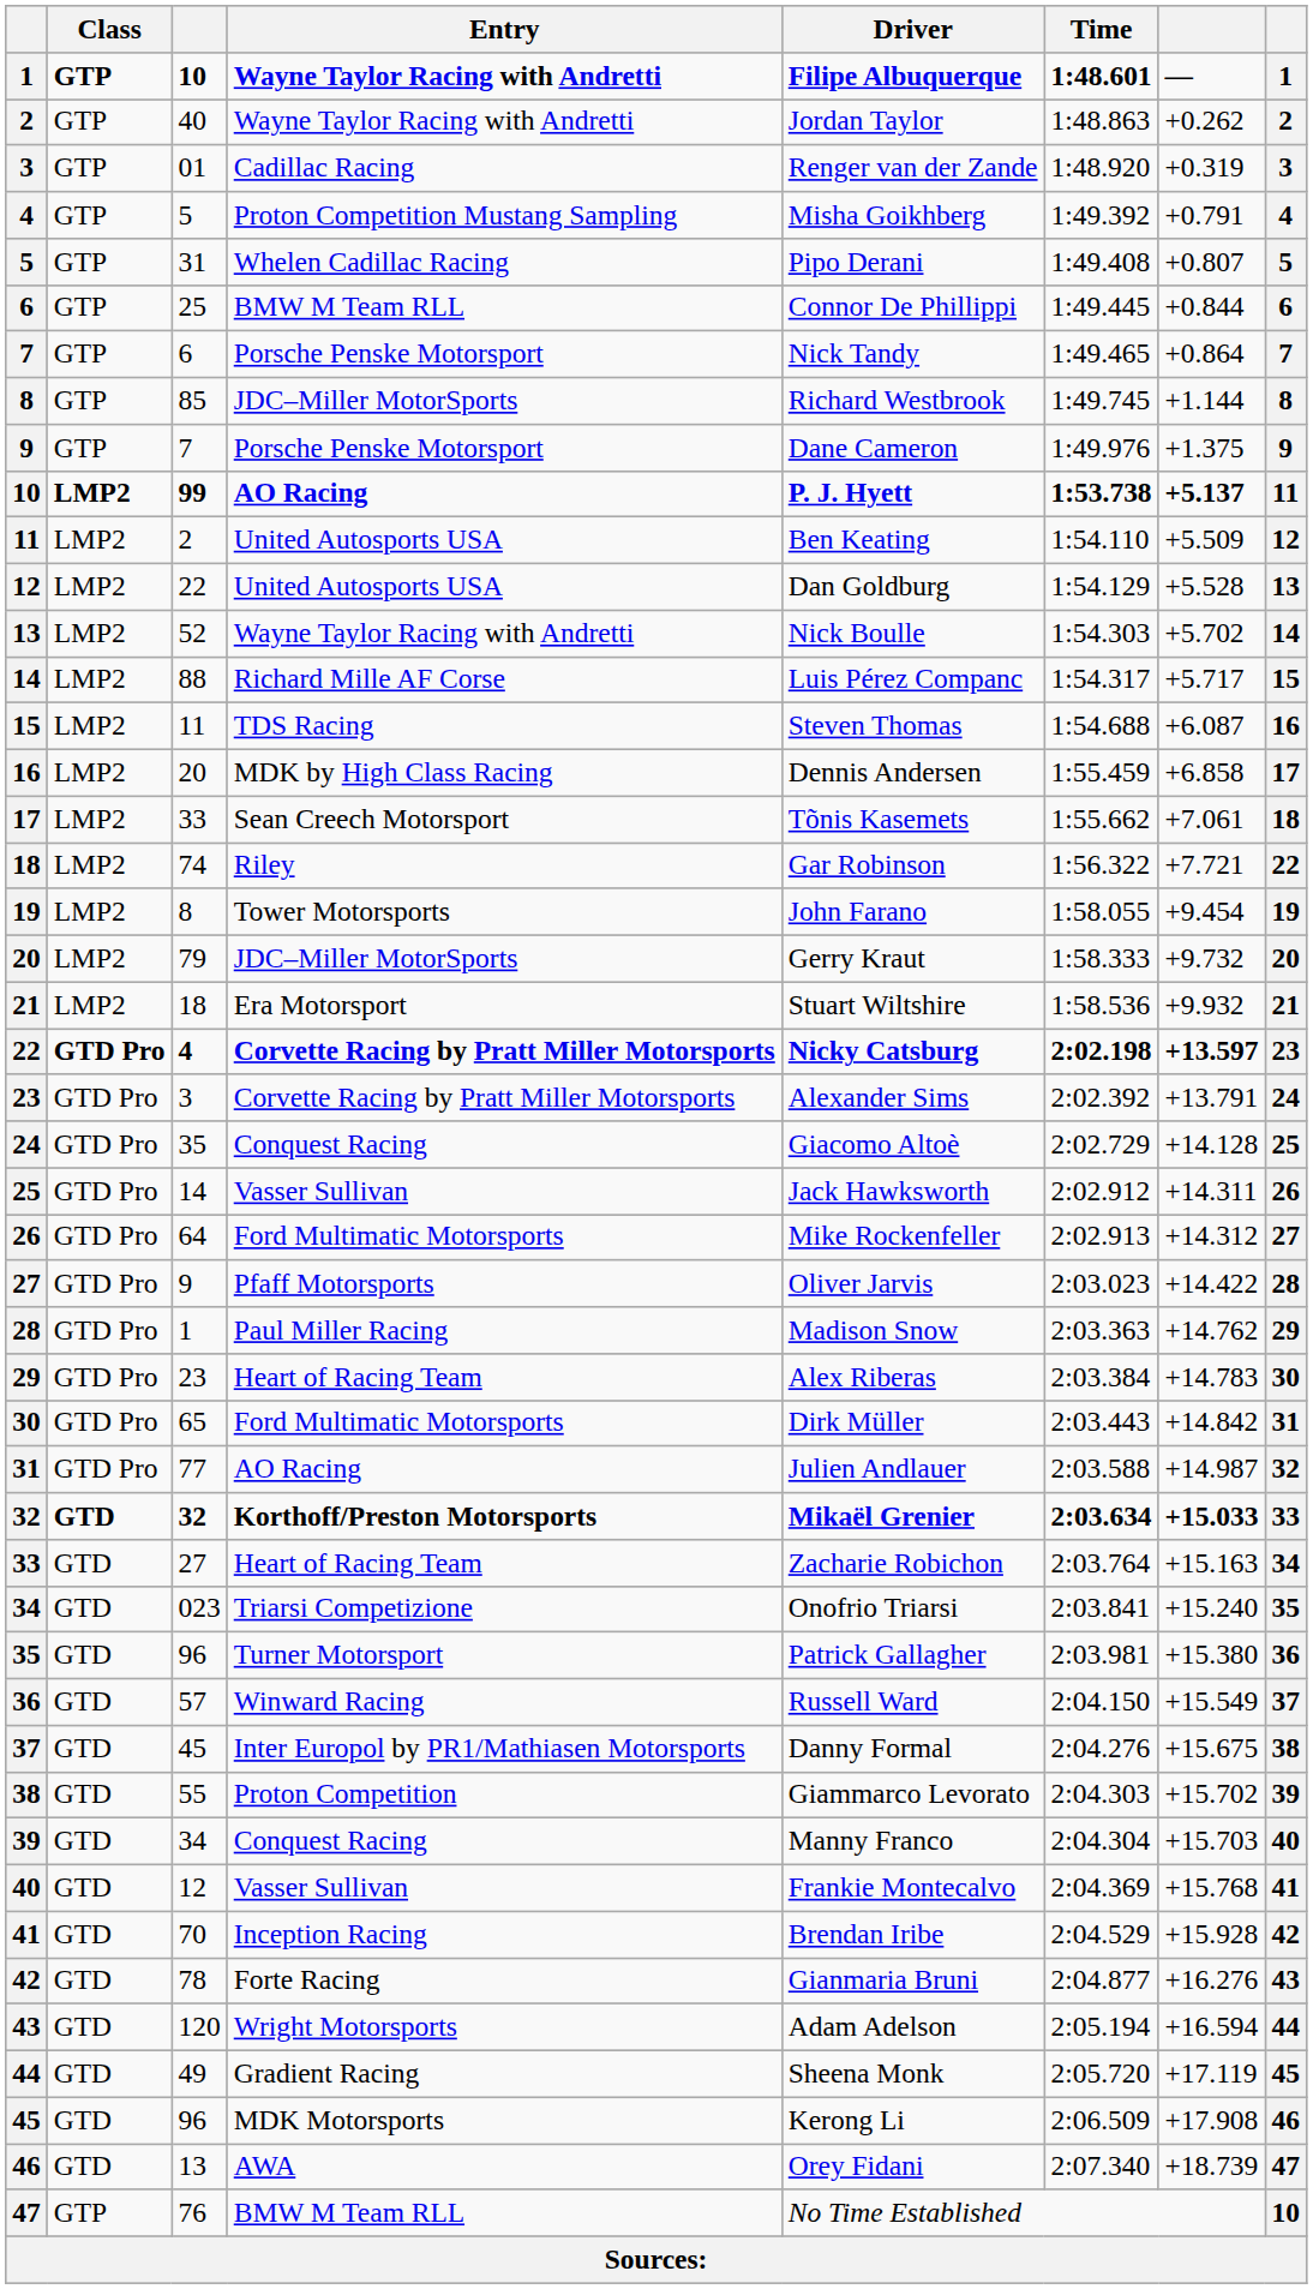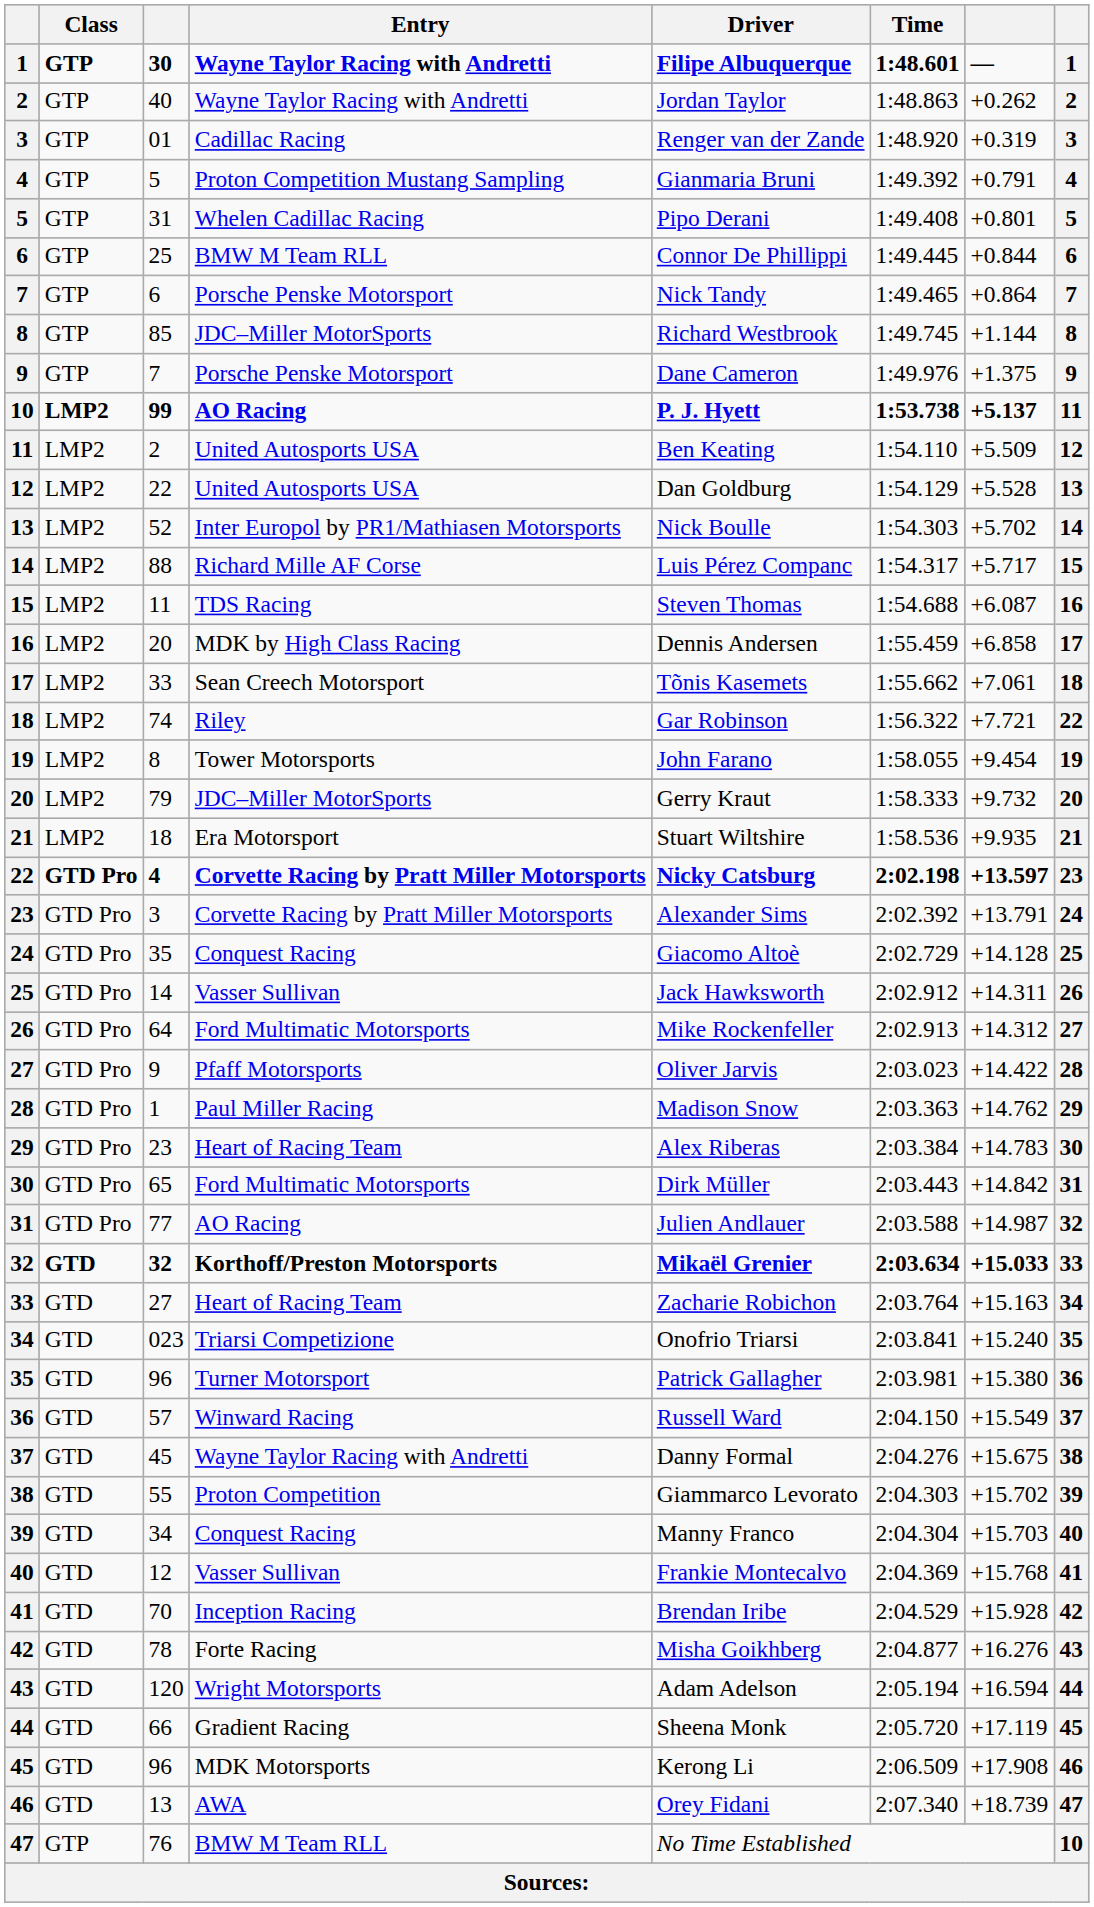 <table class="wikitable" style="font-size:90%;">
 <tr>
 <th></th>
 <th>Class</th>
 <th></th>
 <th>Entry</th>
 <th>Driver</th>
 <th>Time</th>
 <th></th>
 <th></th>
 </tr>
 <tr style="font-weight:bold">
 <th>1</th>
 <td>GTP</td>
-<td>10</td>
+<td>30</td>
 <td> <a href='#'>Wayne Taylor Racing</a> with <a href='#'>Andretti</a></td>
 <td> <a href='#'>Filipe Albuquerque</a></td>
 <td>1:48.601</td>
 <td>—</td>
 <th>1</th>
 </tr>
 <tr>
 <th>2</th>
 <td>GTP</td>
 <td>40</td>
 <td> <a href='#'>Wayne Taylor Racing</a> with <a href='#'>Andretti</a></td>
 <td> <a href='#'>Jordan Taylor</a></td>
 <td>1:48.863</td>
 <td>+0.262</td>
 <th>2</th>
 </tr>
 <tr>
 <th>3</th>
 <td>GTP</td>
 <td>01</td>
 <td> <a href='#'>Cadillac Racing</a></td>
 <td> <a href='#'>Renger van der Zande</a></td>
 <td>1:48.920</td>
 <td>+0.319</td>
 <th>3</th>
 </tr>
 <tr>
 <th>4</th>
 <td>GTP</td>
 <td>5</td>
 <td> <a href='#'>Proton Competition Mustang Sampling</a></td>
-<td> <a href='#'>Misha Goikhberg</a></td>
+<td> <a href='#'>Gianmaria Bruni</a></td>
 <td>1:49.392</td>
 <td>+0.791</td>
 <th>4</th>
 </tr>
 <tr>
 <th>5</th>
 <td>GTP</td>
 <td>31</td>
 <td> <a href='#'>Whelen Cadillac Racing</a></td>
 <td> <a href='#'>Pipo Derani</a></td>
 <td>1:49.408</td>
-<td>+0.807</td>
+<td>+0.801</td>
 <th>5</th>
 </tr>
 <tr>
 <th>6</th>
 <td>GTP</td>
 <td>25</td>
 <td> <a href='#'>BMW M Team RLL</a></td>
 <td> <a href='#'>Connor De Phillippi</a></td>
 <td>1:49.445</td>
 <td>+0.844</td>
 <th>6</th>
 </tr>
 <tr>
 <th>7</th>
 <td>GTP</td>
 <td>6</td>
 <td> <a href='#'>Porsche Penske Motorsport</a></td>
 <td> <a href='#'>Nick Tandy</a></td>
 <td>1:49.465</td>
 <td>+0.864</td>
 <th>7</th>
 </tr>
 <tr>
 <th>8</th>
 <td>GTP</td>
 <td>85</td>
 <td> <a href='#'>JDC–Miller MotorSports</a></td>
 <td> <a href='#'>Richard Westbrook</a></td>
 <td>1:49.745</td>
 <td>+1.144</td>
 <th>8</th>
 </tr>
 <tr>
 <th>9</th>
 <td>GTP</td>
 <td>7</td>
 <td> <a href='#'>Porsche Penske Motorsport</a></td>
 <td> <a href='#'>Dane Cameron</a></td>
 <td>1:49.976</td>
 <td>+1.375</td>
 <th>9</th>
 </tr>
 <tr style="font-weight:bold">
 <th>10</th>
 <td>LMP2</td>
 <td>99</td>
 <td> <a href='#'>AO Racing</a></td>
 <td> <a href='#'>P. J. Hyett</a></td>
 <td>1:53.738</td>
 <td>+5.137</td>
 <th>11</th>
 </tr>
 <tr>
 <th>11</th>
 <td>LMP2</td>
 <td>2</td>
 <td> <a href='#'>United Autosports USA</a></td>
 <td> <a href='#'>Ben Keating</a></td>
 <td>1:54.110</td>
 <td>+5.509</td>
 <th>12</th>
 </tr>
 <tr>
 <th>12</th>
 <td>LMP2</td>
 <td>22</td>
 <td> <a href='#'>United Autosports USA</a></td>
 <td> Dan Goldburg</td>
 <td>1:54.129</td>
 <td>+5.528</td>
 <th>13</th>
 </tr>
 <tr>
 <th>13</th>
 <td>LMP2</td>
 <td>52</td>
-<td> <a href='#'>Wayne Taylor Racing</a> with <a href='#'>Andretti</a></td>
+<td> <a href='#'>Inter Europol</a> by <a href='#'>PR1/Mathiasen Motorsports</a></td>
 <td> <a href='#'>Nick Boulle</a></td>
 <td>1:54.303</td>
 <td>+5.702</td>
 <th>14</th>
 </tr>
 <tr>
 <th>14</th>
 <td>LMP2</td>
 <td>88</td>
 <td> <a href='#'>Richard Mille AF Corse</a></td>
 <td> <a href='#'>Luis Pérez Companc</a></td>
 <td>1:54.317</td>
 <td>+5.717</td>
 <th>15</th>
 </tr>
 <tr>
 <th>15</th>
 <td>LMP2</td>
 <td>11</td>
 <td> <a href='#'>TDS Racing</a></td>
 <td> <a href='#'>Steven Thomas</a></td>
 <td>1:54.688</td>
 <td>+6.087</td>
 <th>16</th>
 </tr>
 <tr>
 <th>16</th>
 <td>LMP2</td>
 <td>20</td>
 <td> MDK by <a href='#'>High Class Racing</a></td>
 <td> Dennis Andersen</td>
 <td>1:55.459</td>
 <td>+6.858</td>
 <th>17</th>
 </tr>
 <tr>
 <th>17</th>
 <td>LMP2</td>
 <td>33</td>
 <td> Sean Creech Motorsport</td>
 <td> <a href='#'>Tõnis Kasemets</a></td>
 <td>1:55.662</td>
 <td>+7.061</td>
 <th>18</th>
 </tr>
 <tr>
 <th>18</th>
 <td>LMP2</td>
 <td>74</td>
 <td> <a href='#'>Riley</a></td>
 <td> <a href='#'>Gar Robinson</a></td>
 <td>1:56.322</td>
 <td>+7.721</td>
 <th>22</th>
 </tr>
 <tr>
 <th>19</th>
 <td>LMP2</td>
 <td>8</td>
 <td> Tower Motorsports</td>
 <td> <a href='#'>John Farano</a></td>
 <td>1:58.055</td>
 <td>+9.454</td>
 <th>19</th>
 </tr>
 <tr>
 <th>20</th>
 <td>LMP2</td>
 <td>79</td>
 <td> <a href='#'>JDC–Miller MotorSports</a></td>
 <td> Gerry Kraut</td>
 <td>1:58.333</td>
 <td>+9.732</td>
 <th>20</th>
 </tr>
 <tr>
 <th>21</th>
 <td>LMP2</td>
 <td>18</td>
 <td> Era Motorsport</td>
 <td> Stuart Wiltshire</td>
 <td>1:58.536</td>
-<td>+9.932</td>
+<td>+9.935</td>
 <th>21</th>
 </tr>
 <tr style="font-weight:bold">
 <th>22</th>
 <td>GTD Pro</td>
 <td>4</td>
 <td> <a href='#'>Corvette Racing</a> by <a href='#'>Pratt Miller Motorsports</a></td>
 <td> <a href='#'>Nicky Catsburg</a></td>
 <td>2:02.198</td>
 <td>+13.597</td>
 <th>23</th>
 </tr>
 <tr>
 <th>23</th>
 <td>GTD Pro</td>
 <td>3</td>
 <td> <a href='#'>Corvette Racing</a> by <a href='#'>Pratt Miller Motorsports</a></td>
 <td> <a href='#'>Alexander Sims</a></td>
 <td>2:02.392</td>
 <td>+13.791</td>
 <th>24</th>
 </tr>
 <tr>
 <th>24</th>
 <td>GTD Pro</td>
 <td>35</td>
 <td> <a href='#'>Conquest Racing</a></td>
 <td> <a href='#'>Giacomo Altoè</a></td>
 <td>2:02.729</td>
 <td>+14.128</td>
 <th>25</th>
 </tr>
 <tr>
 <th>25</th>
 <td>GTD Pro</td>
 <td>14</td>
 <td> <a href='#'>Vasser Sullivan</a></td>
 <td> <a href='#'>Jack Hawksworth</a></td>
 <td>2:02.912</td>
 <td>+14.311</td>
 <th>26</th>
 </tr>
 <tr>
 <th>26</th>
 <td>GTD Pro</td>
 <td>64</td>
 <td> <a href='#'>Ford Multimatic Motorsports</a></td>
 <td> <a href='#'>Mike Rockenfeller</a></td>
 <td>2:02.913</td>
 <td>+14.312</td>
 <th>27</th>
 </tr>
 <tr>
 <th>27</th>
 <td>GTD Pro</td>
 <td>9</td>
 <td> <a href='#'>Pfaff Motorsports</a></td>
 <td> <a href='#'>Oliver Jarvis</a></td>
 <td>2:03.023</td>
 <td>+14.422</td>
 <th>28</th>
 </tr>
 <tr>
 <th>28</th>
 <td>GTD Pro</td>
 <td>1</td>
 <td> <a href='#'>Paul Miller Racing</a></td>
 <td> <a href='#'>Madison Snow</a></td>
 <td>2:03.363</td>
 <td>+14.762</td>
 <th>29</th>
 </tr>
 <tr>
 <th>29</th>
 <td>GTD Pro</td>
 <td>23</td>
 <td> <a href='#'>Heart of Racing Team</a></td>
 <td> <a href='#'>Alex Riberas</a></td>
 <td>2:03.384</td>
 <td>+14.783</td>
 <th>30</th>
 </tr>
 <tr>
 <th>30</th>
 <td>GTD Pro</td>
 <td>65</td>
 <td> <a href='#'>Ford Multimatic Motorsports</a></td>
 <td> <a href='#'>Dirk Müller</a></td>
 <td>2:03.443</td>
 <td>+14.842</td>
 <th>31</th>
 </tr>
 <tr>
 <th>31</th>
 <td>GTD Pro</td>
 <td>77</td>
 <td> <a href='#'>AO Racing</a></td>
 <td> <a href='#'>Julien Andlauer</a></td>
 <td>2:03.588</td>
 <td>+14.987</td>
 <th>32</th>
 </tr>
 <tr style="font-weight:bold">
 <th>32</th>
 <td>GTD</td>
 <td>32</td>
 <td> Korthoff/Preston Motorsports</td>
 <td> <a href='#'>Mikaël Grenier</a></td>
 <td>2:03.634</td>
 <td>+15.033</td>
 <th>33</th>
 </tr>
 <tr>
 <th>33</th>
 <td>GTD</td>
 <td>27</td>
 <td> <a href='#'>Heart of Racing Team</a></td>
 <td> <a href='#'>Zacharie Robichon</a></td>
 <td>2:03.764</td>
 <td>+15.163</td>
 <th>34</th>
 </tr>
 <tr>
 <th>34</th>
 <td>GTD</td>
 <td>023</td>
 <td> <a href='#'>Triarsi Competizione</a></td>
 <td> Onofrio Triarsi</td>
 <td>2:03.841</td>
 <td>+15.240</td>
 <th>35</th>
 </tr>
 <tr>
 <th>35</th>
 <td>GTD</td>
 <td>96</td>
 <td> <a href='#'>Turner Motorsport</a></td>
 <td> <a href='#'>Patrick Gallagher</a></td>
 <td>2:03.981</td>
 <td>+15.380</td>
 <th>36</th>
 </tr>
 <tr>
 <th>36</th>
 <td>GTD</td>
 <td>57</td>
 <td> <a href='#'>Winward Racing</a></td>
 <td> <a href='#'>Russell Ward</a></td>
 <td>2:04.150</td>
 <td>+15.549</td>
 <th>37</th>
 </tr>
 <tr>
 <th>37</th>
 <td>GTD</td>
 <td>45</td>
-<td> <a href='#'>Inter Europol</a> by <a href='#'>PR1/Mathiasen Motorsports</a></td>
+<td> <a href='#'>Wayne Taylor Racing</a> with <a href='#'>Andretti</a></td>
 <td> Danny Formal</td>
 <td>2:04.276</td>
 <td>+15.675</td>
 <th>38</th>
 </tr>
 <tr>
 <th>38</th>
 <td>GTD</td>
 <td>55</td>
 <td> <a href='#'>Proton Competition</a></td>
 <td> Giammarco Levorato</td>
 <td>2:04.303</td>
 <td>+15.702</td>
 <th>39</th>
 </tr>
 <tr>
 <th>39</th>
 <td>GTD</td>
 <td>34</td>
 <td> <a href='#'>Conquest Racing</a></td>
 <td> Manny Franco</td>
 <td>2:04.304</td>
 <td>+15.703</td>
 <th>40</th>
 </tr>
 <tr>
 <th>40</th>
 <td>GTD</td>
 <td>12</td>
 <td> <a href='#'>Vasser Sullivan</a></td>
 <td> <a href='#'>Frankie Montecalvo</a></td>
 <td>2:04.369</td>
 <td>+15.768</td>
 <th>41</th>
 </tr>
 <tr>
 <th>41</th>
 <td>GTD</td>
 <td>70</td>
 <td> <a href='#'>Inception Racing</a></td>
 <td> <a href='#'>Brendan Iribe</a></td>
 <td>2:04.529</td>
 <td>+15.928</td>
 <th>42</th>
 </tr>
 <tr>
 <th>42</th>
 <td>GTD</td>
 <td>78</td>
 <td> Forte Racing</td>
-<td> <a href='#'>Gianmaria Bruni</a></td>
+<td> <a href='#'>Misha Goikhberg</a></td>
 <td>2:04.877</td>
 <td>+16.276</td>
 <th>43</th>
 </tr>
 <tr>
 <th>43</th>
 <td>GTD</td>
 <td>120</td>
 <td> <a href='#'>Wright Motorsports</a></td>
 <td> Adam Adelson</td>
 <td>2:05.194</td>
 <td>+16.594</td>
 <th>44</th>
 </tr>
 <tr>
 <th>44</th>
 <td>GTD</td>
-<td>49</td>
+<td>66</td>
 <td> Gradient Racing</td>
 <td> Sheena Monk</td>
 <td>2:05.720</td>
 <td>+17.119</td>
 <th>45</th>
 </tr>
 <tr>
 <th>45</th>
 <td>GTD</td>
 <td>96</td>
 <td> MDK Motorsports</td>
 <td> Kerong Li</td>
 <td>2:06.509</td>
 <td>+17.908</td>
 <th>46</th>
 </tr>
 <tr>
 <th>46</th>
 <td>GTD</td>
 <td>13</td>
 <td> <a href='#'>AWA</a></td>
 <td> <a href='#'>Orey Fidani</a></td>
 <td>2:07.340</td>
 <td>+18.739</td>
 <th>47</th>
 </tr>
 <tr>
 <th>47</th>
 <td>GTP</td>
 <td>76</td>
 <td> <a href='#'>BMW M Team RLL</a></td>
 <td colspan="3"><em>No Time Established</em></td>
 <th>10</th>
 </tr>
 <tr>
 <th colspan="8">Sources:</th>
 </tr>
 </table>
